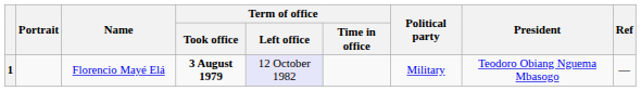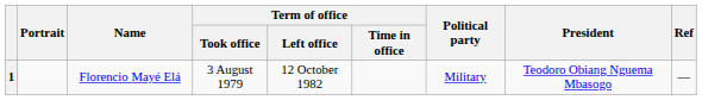 <table class="wikitable" style="text-align:center">
 <tr>
 <th rowspan="2"></th>
 <th rowspan="2">Portrait</th>
 <th rowspan="2" width="150">Name<br></th>
 <th colspan="3">Term of office</th>
 <th rowspan="2">Political party</th>
 <th rowspan="2">President</th>
 <th rowspan="2">Ref</th>
 </tr>
 <tr>
 <th>Took office</th>
 <th>Left office</th>
 <th>Time in office</th>
 </tr>
 <tr>
 <th style="background-color:">1</th>
 <td></td>
 <td><a href='#'>Florencio Mayé Elá</a><br></td>
-<td><strong>3 August 1979</strong></td>
-<td style="background: lavender;">12 October 1982</td>
+<td>3 August 1979</td>
+<td>12 October 1982</td>
 <td></td>
 <td><a href='#'>Military</a></td>
 <td><a href='#'>Teodoro Obiang Nguema Mbasogo</a></td>
 <td>—</td>
 </tr>
 </table>
